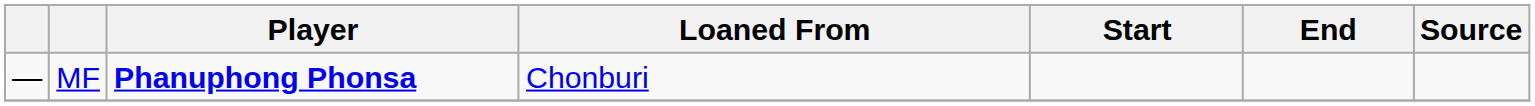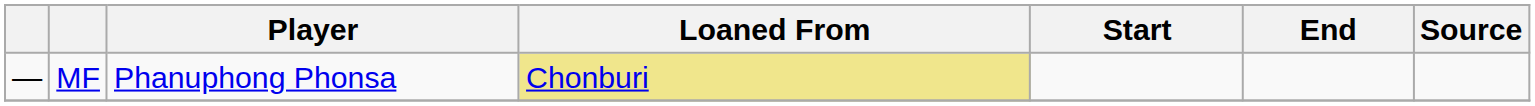 <table class="wikitable plainrowheaders sortable" style="font-size:95%">
 <tr>
 <th></th>
 <th></th>
 <th scope=col style="width:200px;"><strong>Player</strong></th>
 <th scope=col style="width:250px;"><strong>Loaned From</strong></th>
 <th scope=col style="width:100px;"><strong>Start</strong></th>
 <th scope=col style="width:78px;"><strong>End</strong></th>
 <th><strong>Source</strong></th>
 </tr>
 <tr>
 <td align=center>—</td>
 <td align=center><a href='#'>MF</a></td>
-<td><strong> <a href='#'>Phanuphong Phonsa</a></strong></td>
-<td> <a href='#'>Chonburi</a></td>
+<td> <a href='#'>Phanuphong Phonsa</a></td>
+<td style="background: khaki;"> <a href='#'>Chonburi</a></td>
 <td align=center></td>
 <td align=center></td>
 <td align=center></td>
 </tr>
 <tr>
 </tr>
 </table>
